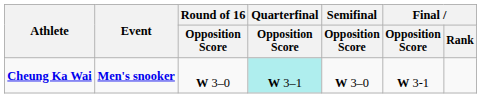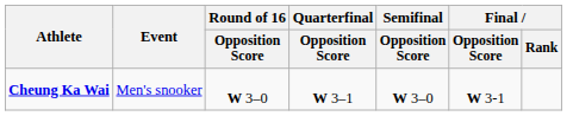 <table class="wikitable" style="font-size:90%">
 <tr>
 <th rowspan=2>Athlete</th>
 <th rowspan=2>Event</th>
 <th>Round of 16</th>
 <th>Quarterfinal</th>
 <th>Semifinal</th>
 <th colspan="2">Final / </th>
 </tr>
 <tr style="font-size:95%">
 <th>Opposition<br>Score</th>
 <th>Opposition<br>Score</th>
 <th>Opposition<br>Score</th>
 <th>Opposition<br>Score</th>
 <th>Rank</th>
 </tr>
 <tr align=center>
 <td align=left><strong><a href='#'>Cheung Ka Wai</a></strong></td>
-<td align=left><strong><a href='#'>Men's snooker</a></strong></td>
+<td align=left><a href='#'>Men's snooker</a></td>
 <td><br><strong>W</strong> 3–0</td>
-<td style="background: paleturquoise;"><br><strong>W</strong> 3–1</td>
+<td><br><strong>W</strong> 3–1</td>
 <td><br><strong>W</strong> 3–0</td>
 <td><br><strong>W</strong> 3-1</td>
 <td></td>
 </tr>
 </table>
